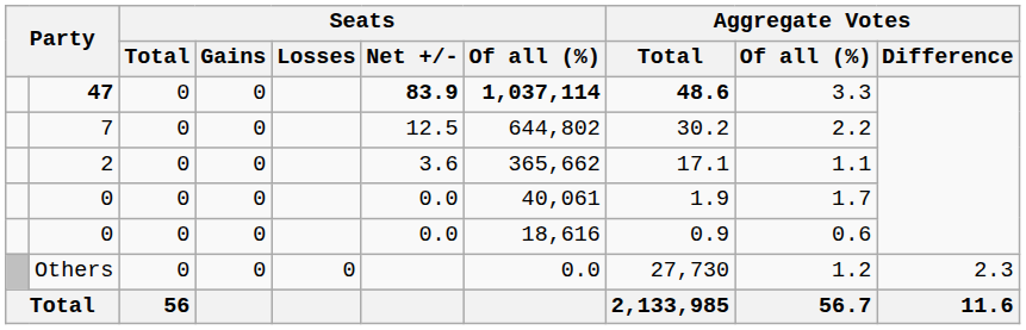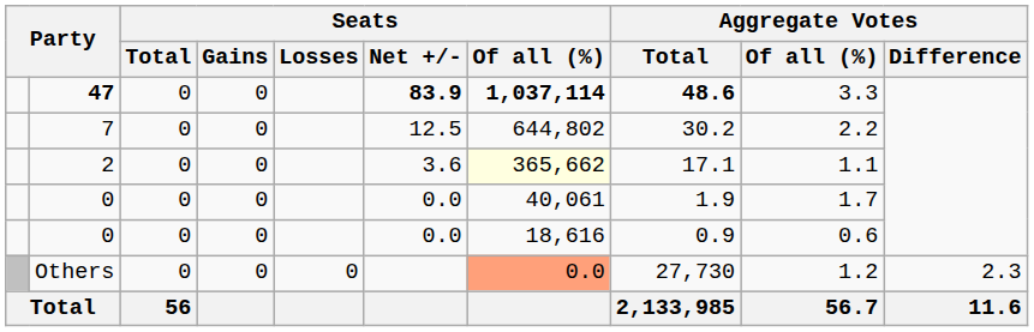 <table class="wikitable sortable" style="text-align:right; font-size:95%;">
 <tr>
 <th colspan="2" rowspan="2">Party</th>
 <th colspan="5">Seats</th>
 <th colspan="3">Aggregate Votes</th>
 </tr>
 <tr>
 <th>Total</th>
 <th>Gains</th>
 <th>Losses</th>
 <th>Net +/-</th>
 <th>Of all (%)</th>
 <th>Total</th>
 <th>Of all (%)</th>
 <th>Difference</th>
 </tr>
 <tr>
 <td></td>
 <td><strong>47</strong></td>
 <td>0</td>
 <td>0</td>
 <td></td>
 <td><strong>83.9</strong></td>
 <td><strong>1,037,114</strong></td>
 <td><strong>48.6</strong></td>
 <td>3.3</td>
 </tr>
 <tr>
 <td></td>
 <td>7</td>
 <td>0</td>
 <td>0</td>
 <td></td>
 <td>12.5</td>
 <td>644,802</td>
 <td>30.2</td>
 <td>2.2</td>
 </tr>
 <tr>
 <td></td>
 <td>2</td>
 <td>0</td>
 <td>0</td>
 <td></td>
 <td>3.6</td>
-<td>365,662</td>
+<td style="background: lightyellow;">365,662</td>
 <td>17.1</td>
 <td>1.1</td>
 </tr>
 <tr>
 <td></td>
 <td>0</td>
 <td>0</td>
 <td>0</td>
 <td></td>
 <td>0.0</td>
 <td>40,061</td>
 <td>1.9</td>
 <td>1.7</td>
 </tr>
 <tr>
 <td></td>
 <td>0</td>
 <td>0</td>
 <td>0</td>
 <td></td>
 <td>0.0</td>
 <td>18,616</td>
 <td>0.9</td>
 <td>0.6</td>
 </tr>
 <tr>
 <td style="background:silver;"> </td>
 <td align=left>Others</td>
 <td>0</td>
 <td>0</td>
 <td>0</td>
 <td></td>
-<td>0.0</td>
+<td style="background: lightsalmon;">0.0</td>
 <td>27,730</td>
 <td>1.2</td>
 <td>2.3</td>
 </tr>
 <tr class="sortbottom">
 <th colspan="2" style="background:#f2f2f2"><strong>Total</strong></th>
 <td style="background:#f2f2f2;"><strong>56</strong></td>
 <td style="background:#f2f2f2;"></td>
 <td style="background:#f2f2f2;"></td>
 <td style="background:#f2f2f2;"></td>
 <td style="background:#f2f2f2;"></td>
 <td style="background:#f2f2f2;"><strong>2,133,985</strong></td>
 <td style="background:#f2f2f2;"><strong>56.7</strong></td>
 <td style="background:#f2f2f2;"><strong>11.6</strong></td>
 </tr>
 </table>
